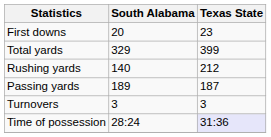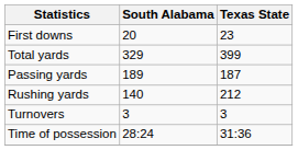 <table class="wikitable">
 <tr>
 <th>Statistics</th>
 <th>South Alabama</th>
 <th>Texas State</th>
 </tr>
 <tr>
 <td>First downs</td>
 <td>20</td>
 <td>23</td>
 </tr>
 <tr>
 <td>Total yards</td>
 <td>329</td>
 <td>399</td>
 </tr>
 <tr>
+<td>Passing yards</td>
+<td>189</td>
+<td>187</td>
+</tr>
+<tr>
 <td>Rushing yards</td>
 <td>140</td>
 <td>212</td>
-</tr>
-<tr>
-<td>Passing yards</td>
-<td>189</td>
-<td>187</td>
 </tr>
 <tr>
 <td>Turnovers</td>
 <td>3</td>
 <td>3</td>
 </tr>
 <tr>
 <td>Time of possession</td>
 <td>28:24</td>
-<td style="background: lavender;">31:36</td>
+<td>31:36</td>
 </tr>
 <tr>
 </tr>
 </table>
